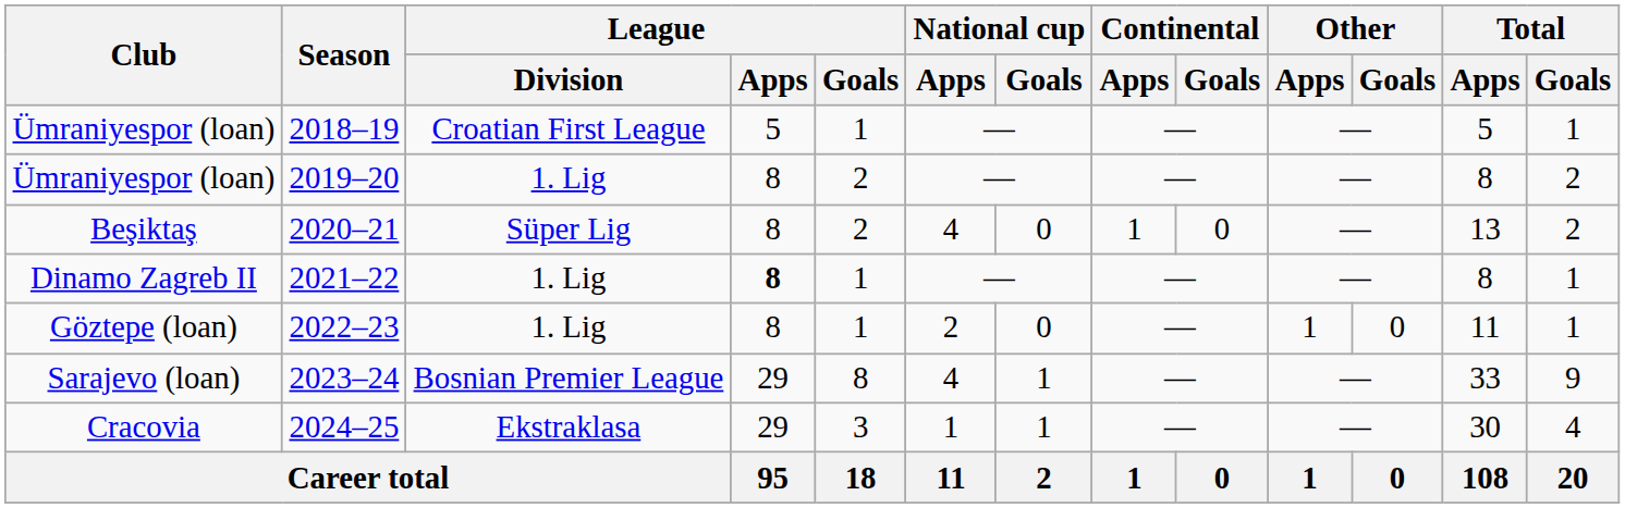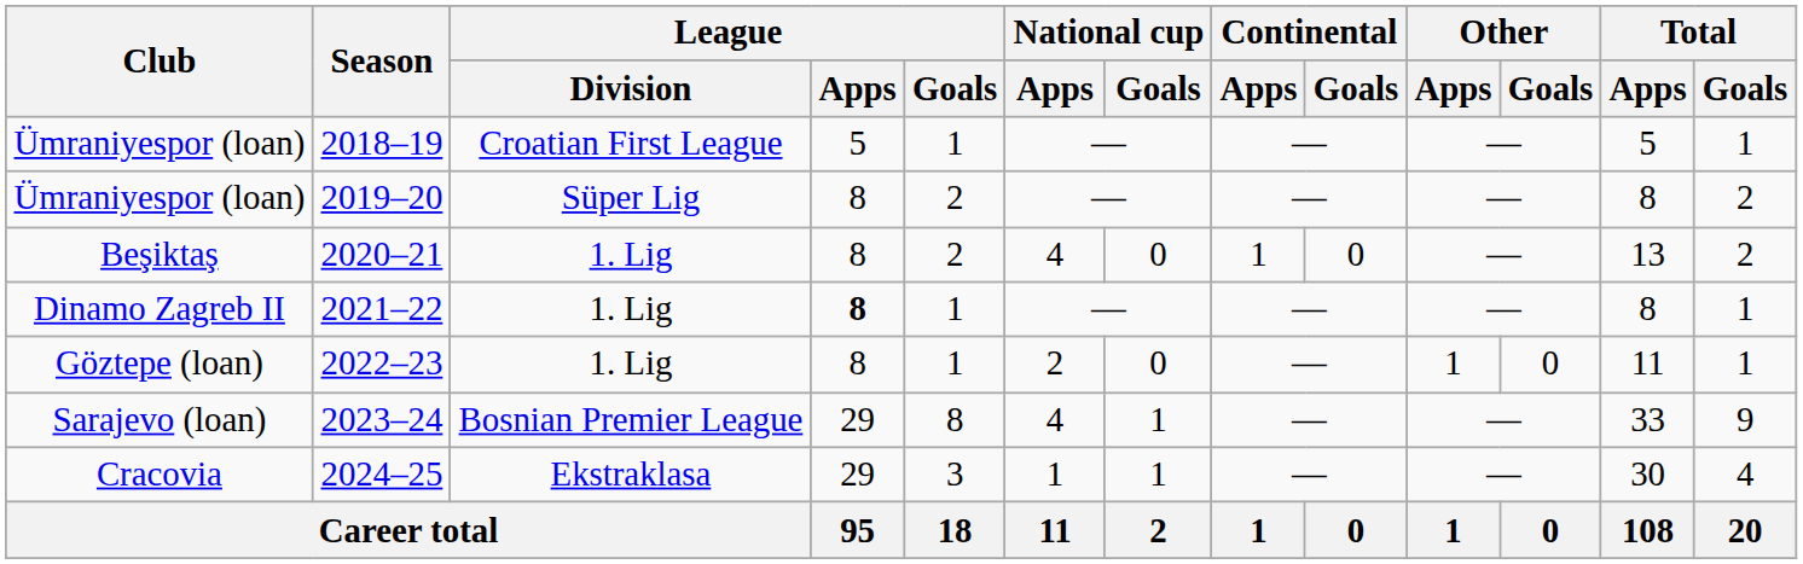 <table class="wikitable" style="text-align:center">
 <tr>
 <th rowspan=2>Club</th>
 <th rowspan=2>Season</th>
 <th colspan=3>League</th>
 <th colspan=2>National cup</th>
 <th colspan=2>Continental</th>
 <th colspan=2>Other</th>
 <th colspan=2>Total</th>
 </tr>
 <tr>
 <th>Division</th>
 <th>Apps</th>
 <th>Goals</th>
 <th>Apps</th>
 <th>Goals</th>
 <th>Apps</th>
 <th>Goals</th>
 <th>Apps</th>
 <th>Goals</th>
 <th>Apps</th>
 <th>Goals</th>
 </tr>
 <tr>
 <td><a href='#'>Ümraniyespor</a> (loan)</td>
 <td><a href='#'>2018–19</a></td>
 <td><a href='#'>Croatian First League</a></td>
 <td>5</td>
 <td>1</td>
 <td colspan=2>—</td>
 <td colspan=2>—</td>
 <td colspan=2>—</td>
 <td>5</td>
 <td>1</td>
 </tr>
 <tr>
 <td><a href='#'>Ümraniyespor</a> (loan)</td>
 <td><a href='#'>2019–20</a></td>
-<td><a href='#'>1. Lig</a></td>
+<td><a href='#'>Süper Lig</a></td>
 <td>8</td>
 <td>2</td>
 <td colspan=2>—</td>
 <td colspan=2>—</td>
 <td colspan=2>—</td>
 <td>8</td>
 <td>2</td>
 </tr>
 <tr>
 <td><a href='#'>Beşiktaş</a></td>
 <td><a href='#'>2020–21</a></td>
-<td><a href='#'>Süper Lig</a></td>
+<td><a href='#'>1. Lig</a></td>
 <td>8</td>
 <td>2</td>
 <td>4</td>
 <td>0</td>
 <td>1</td>
 <td>0</td>
 <td colspan=2>—</td>
 <td>13</td>
 <td>2</td>
 </tr>
 <tr>
 <td><a href='#'>Dinamo Zagreb II</a></td>
 <td><a href='#'>2021–22</a></td>
 <td>1. Lig</td>
 <td><strong>8</strong></td>
 <td>1</td>
 <td colspan=2>—</td>
 <td colspan=2>—</td>
 <td colspan=2>—</td>
 <td>8</td>
 <td>1</td>
 </tr>
 <tr>
 <td><a href='#'>Göztepe</a> (loan)</td>
 <td><a href='#'>2022–23</a></td>
 <td>1. Lig</td>
 <td>8</td>
 <td>1</td>
 <td>2</td>
 <td>0</td>
 <td colspan=2>—</td>
 <td>1</td>
 <td>0</td>
 <td>11</td>
 <td>1</td>
 </tr>
 <tr>
 <td><a href='#'>Sarajevo</a> (loan)</td>
 <td><a href='#'>2023–24</a></td>
 <td><a href='#'>Bosnian Premier League</a></td>
 <td>29</td>
 <td>8</td>
 <td>4</td>
 <td>1</td>
 <td colspan=2>—</td>
 <td colspan=2>—</td>
 <td>33</td>
 <td>9</td>
 </tr>
 <tr>
 <td><a href='#'>Cracovia</a></td>
 <td><a href='#'>2024–25</a></td>
 <td><a href='#'>Ekstraklasa</a></td>
 <td>29</td>
 <td>3</td>
 <td>1</td>
 <td>1</td>
 <td colspan=2>—</td>
 <td colspan=2>—</td>
 <td>30</td>
 <td>4</td>
 </tr>
 <tr>
 <th colspan=3>Career total</th>
 <th>95</th>
 <th>18</th>
 <th>11</th>
 <th>2</th>
 <th>1</th>
 <th>0</th>
 <th>1</th>
 <th>0</th>
 <th>108</th>
 <th>20</th>
 </tr>
 </table>
